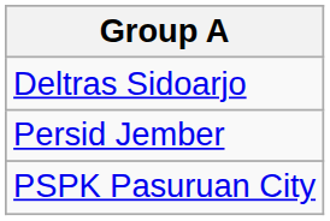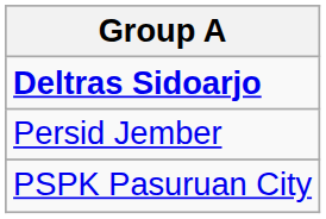 <table class="wikitable">
 <tr>
 <th><strong>Group A</strong></th>
 </tr>
 <tr>
-<td><a href='#'>Deltras Sidoarjo</a></td>
+<td><strong><a href='#'>Deltras Sidoarjo</a></strong></td>
 </tr>
 <tr>
 <td><a href='#'>Persid Jember</a></td>
 </tr>
 <tr>
 <td><a href='#'>PSPK Pasuruan City</a></td>
 </tr>
 </table>
